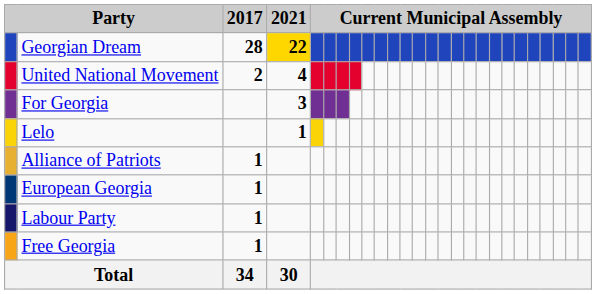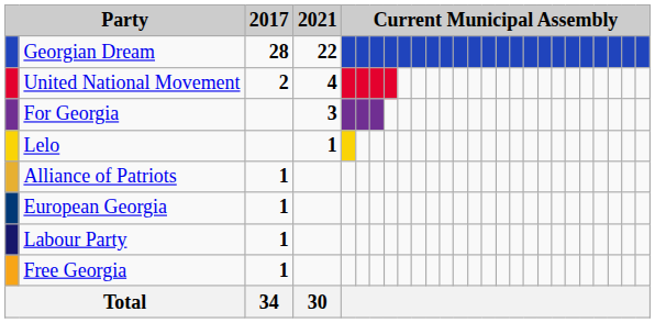 <table class="wikitable">
 <tr>
 <th style="background:#ccc" colspan="2">Party</th>
 <th style="background:#ccc">2017</th>
 <th style="background:#ccc">2021</th>
 <th style="background:#ccc" colspan="45">Current Municipal Assembly</th>
 </tr>
 <tr>
 <td style="background-color: #2044bc"> </td>
 <td><a href='#'>Georgian Dream</a></td>
 <td style="text-align: right"><strong>28</strong></td>
-<td style="background: gold; text-align: right"><strong>22</strong></td>
+<td style="text-align: right"><strong>22</strong></td>
 <td style="background-color: #2044bc"></td>
 <td style="background-color: #2044bc"> </td>
 <td style="background-color: #2044bc"> </td>
 <td style="background-color: #2044bc"> </td>
 <td style="background-color: #2044bc"> </td>
 <td style="background-color: #2044bc"> </td>
 <td style="background-color: #2044bc"> </td>
 <td style="background-color: #2044bc"> </td>
 <td style="background-color: #2044bc"> </td>
 <td style="background-color: #2044bc"> </td>
 <td style="background-color: #2044bc"> </td>
 <td style="background-color: #2044bc"> </td>
 <td style="background-color: #2044bc"> </td>
 <td style="background-color: #2044bc"> </td>
 <td style="background-color: #2044bc"> </td>
 <td style="background-color: #2044bc"> </td>
 <td style="background-color: #2044bc"> </td>
 <td style="background-color: #2044bc"> </td>
 <td style="background-color: #2044bc"> </td>
 <td style="background-color: #2044bc"> </td>
 <td style="background-color: #2044bc"> </td>
 <td style="background-color: #2044bc"> </td>
 </tr>
 <tr>
 <td style="background-color: #e4012e"> </td>
 <td><a href='#'>United National Movement</a></td>
 <td style="text-align: right"><strong>2</strong></td>
 <td style="text-align: right"><strong>4</strong></td>
 <td style="background-color: #e4012e"> </td>
 <td style="background-color: #e4012e"> </td>
 <td style="background-color: #e4012e"> </td>
 <td style="background-color: #e4012e"> </td>
 <td></td>
 <td></td>
 <td></td>
 <td></td>
 <td></td>
 <td></td>
 <td></td>
 <td></td>
 <td></td>
 <td></td>
 <td></td>
 <td></td>
 <td></td>
 <td></td>
 <td></td>
 <td></td>
 <td></td>
 <td></td>
 </tr>
 <tr>
 <td style="background-color: #702F92"> </td>
 <td><a href='#'>For Georgia</a></td>
 <td></td>
 <td style="text-align: right"><strong>3</strong></td>
 <td style="background-color: #702f92"> </td>
 <td style="background-color: #702f92"> </td>
 <td style="background-color: #702f92"> </td>
 <td></td>
 <td></td>
 <td></td>
 <td></td>
 <td></td>
 <td></td>
 <td></td>
 <td></td>
 <td></td>
 <td></td>
 <td></td>
 <td></td>
 <td></td>
 <td></td>
 <td></td>
 <td></td>
 <td></td>
 <td></td>
 <td></td>
 </tr>
 <tr>
 <td style="background-color: #fad406"> </td>
 <td><a href='#'>Lelo</a></td>
 <td></td>
 <td style="text-align: right"><strong>1</strong></td>
 <td style="background-color: #fad406"> </td>
 <td></td>
 <td></td>
 <td></td>
 <td></td>
 <td></td>
 <td></td>
 <td></td>
 <td></td>
 <td></td>
 <td></td>
 <td></td>
 <td></td>
 <td></td>
 <td></td>
 <td></td>
 <td></td>
 <td></td>
 <td></td>
 <td></td>
 <td></td>
 <td></td>
 </tr>
 <tr>
 <td style="background-color: #e7b031"> </td>
 <td><a href='#'>Alliance of Patriots</a></td>
 <td style="text-align: right"><strong>1</strong></td>
 <td></td>
 <td></td>
 <td></td>
 <td></td>
 <td></td>
 <td></td>
 <td></td>
 <td></td>
 <td></td>
 <td></td>
 <td></td>
 <td></td>
 <td></td>
 <td></td>
 <td></td>
 <td></td>
 <td></td>
 <td></td>
 <td></td>
 <td></td>
 <td></td>
 <td></td>
 <td></td>
 </tr>
 <tr>
 <td style="background-color: #003876"> </td>
 <td><a href='#'>European Georgia</a></td>
 <td style="text-align: right"><strong>1</strong></td>
 <td></td>
 <td></td>
 <td></td>
 <td></td>
 <td></td>
 <td></td>
 <td></td>
 <td></td>
 <td></td>
 <td></td>
 <td></td>
 <td></td>
 <td></td>
 <td></td>
 <td></td>
 <td></td>
 <td></td>
 <td></td>
 <td></td>
 <td></td>
 <td></td>
 <td></td>
 <td></td>
 </tr>
 <tr>
 <td style="background-color: #16166b"> </td>
 <td><a href='#'>Labour Party</a></td>
 <td style="text-align: right"><strong>1</strong></td>
 <td></td>
 <td></td>
 <td></td>
 <td></td>
 <td></td>
 <td></td>
 <td></td>
 <td></td>
 <td></td>
 <td></td>
 <td></td>
 <td></td>
 <td></td>
 <td></td>
 <td></td>
 <td></td>
 <td></td>
 <td></td>
 <td></td>
 <td></td>
 <td></td>
 <td></td>
 <td></td>
 </tr>
 <tr>
 <td style="background-color: #F8A517"> </td>
 <td><a href='#'>Free Georgia</a></td>
 <td style="text-align: right"><strong>1</strong></td>
 <td></td>
 <td></td>
 <td></td>
 <td></td>
 <td></td>
 <td></td>
 <td></td>
 <td></td>
 <td></td>
 <td></td>
 <td></td>
 <td></td>
 <td></td>
 <td></td>
 <td></td>
 <td></td>
 <td></td>
 <td></td>
 <td></td>
 <td></td>
 <td></td>
 <td></td>
 <td></td>
 </tr>
 <tr>
 <th colspan=2>Total</th>
 <th align=right>34</th>
 <th align=right>30</th>
 <th colspan=45> </th>
 </tr>
 </table>
